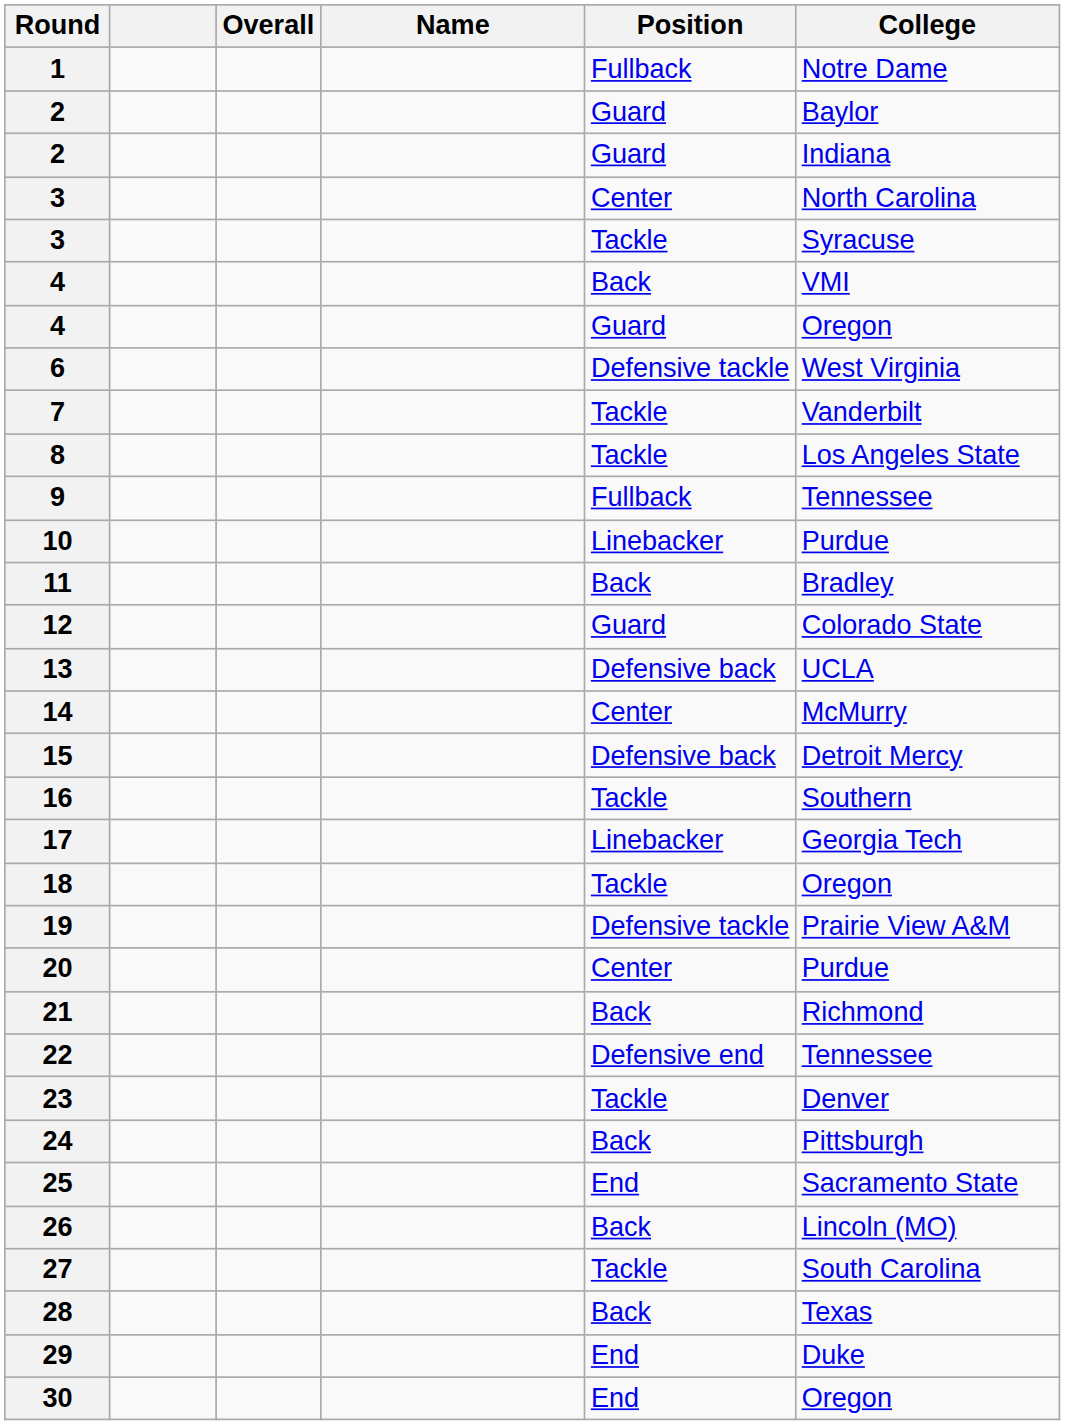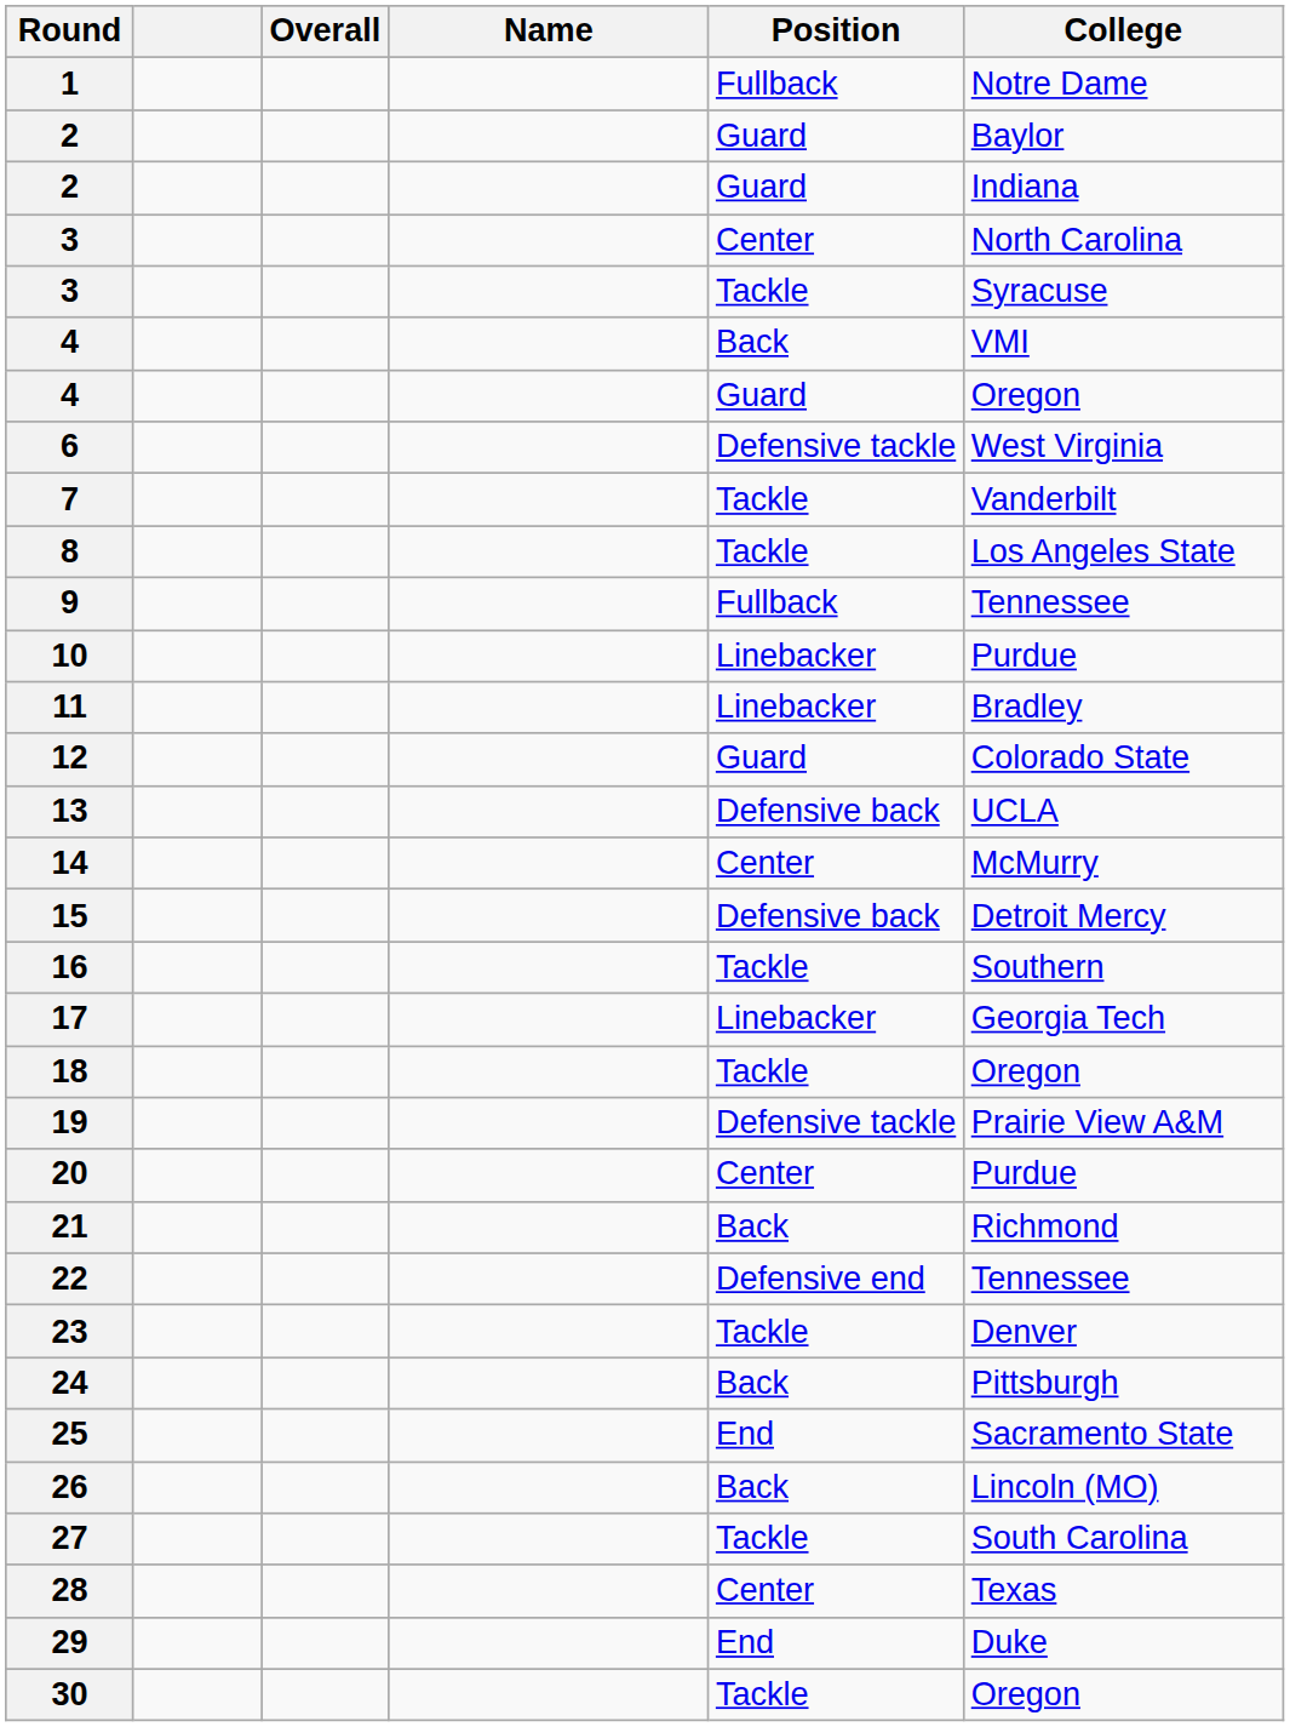 <table class="wikitable sortable">
 <tr>
 <th scope="col" style="width: 10%;">Round</th>
 <th scope="col" style="width: 10%;"></th>
 <th scope="col" style="width: 10%;">Overall</th>
 <th scope="col" style="width: 25%;">Name</th>
 <th scope="col" style="width: 20%;">Position</th>
 <th scope="col" style="width: 25%;">College</th>
 </tr>
 <tr>
 <th scope="row">1</th>
 <td></td>
 <td></td>
 <td></td>
 <td><a href='#'>Fullback</a></td>
 <td><a href='#'>Notre Dame</a></td>
 </tr>
 <tr>
 <th scope="row">2</th>
 <td></td>
 <td></td>
 <td></td>
 <td><a href='#'>Guard</a></td>
 <td><a href='#'>Baylor</a></td>
 </tr>
 <tr>
 <th scope="row">2</th>
 <td></td>
 <td></td>
 <td></td>
 <td><a href='#'>Guard</a></td>
 <td><a href='#'>Indiana</a></td>
 </tr>
 <tr>
 <th scope="row">3</th>
 <td></td>
 <td></td>
 <td></td>
 <td><a href='#'>Center</a></td>
 <td><a href='#'>North Carolina</a></td>
 </tr>
 <tr>
 <th scope="row">3</th>
 <td></td>
 <td></td>
 <td></td>
 <td><a href='#'>Tackle</a></td>
 <td><a href='#'>Syracuse</a></td>
 </tr>
 <tr>
 <th scope="row">4</th>
 <td></td>
 <td></td>
 <td></td>
 <td><a href='#'>Back</a></td>
 <td><a href='#'>VMI</a></td>
 </tr>
 <tr>
 <th scope="row">4</th>
 <td></td>
 <td></td>
 <td></td>
 <td><a href='#'>Guard</a></td>
 <td><a href='#'>Oregon</a></td>
 </tr>
 <tr>
 <th scope="row">6</th>
 <td></td>
 <td></td>
 <td></td>
 <td><a href='#'>Defensive tackle</a></td>
 <td><a href='#'>West Virginia</a></td>
 </tr>
 <tr>
 <th scope="row">7</th>
 <td></td>
 <td></td>
 <td></td>
 <td><a href='#'>Tackle</a></td>
 <td><a href='#'>Vanderbilt</a></td>
 </tr>
 <tr>
 <th scope="row">8</th>
 <td></td>
 <td></td>
 <td></td>
 <td><a href='#'>Tackle</a></td>
 <td><a href='#'>Los Angeles State</a></td>
 </tr>
 <tr>
 <th scope="row">9</th>
 <td></td>
 <td></td>
 <td></td>
 <td><a href='#'>Fullback</a></td>
 <td><a href='#'>Tennessee</a></td>
 </tr>
 <tr>
 <th scope="row">10</th>
 <td></td>
 <td></td>
 <td></td>
 <td><a href='#'>Linebacker</a></td>
 <td><a href='#'>Purdue</a></td>
 </tr>
 <tr>
 <th scope="row">11</th>
 <td></td>
 <td></td>
 <td></td>
-<td><a href='#'>Back</a></td>
+<td><a href='#'>Linebacker</a></td>
 <td><a href='#'>Bradley</a></td>
 </tr>
 <tr>
 <th scope="row">12</th>
 <td></td>
 <td></td>
 <td></td>
 <td><a href='#'>Guard</a></td>
 <td><a href='#'>Colorado State</a></td>
 </tr>
 <tr>
 <th scope="row">13</th>
 <td></td>
 <td></td>
 <td></td>
 <td><a href='#'>Defensive back</a></td>
 <td><a href='#'>UCLA</a></td>
 </tr>
 <tr>
 <th scope="row">14</th>
 <td></td>
 <td></td>
 <td></td>
 <td><a href='#'>Center</a></td>
 <td><a href='#'>McMurry</a></td>
 </tr>
 <tr>
 <th scope="row">15</th>
 <td></td>
 <td></td>
 <td></td>
 <td><a href='#'>Defensive back</a></td>
 <td><a href='#'>Detroit Mercy</a></td>
 </tr>
 <tr>
 <th scope="row">16</th>
 <td></td>
 <td></td>
 <td></td>
 <td><a href='#'>Tackle</a></td>
 <td><a href='#'>Southern</a></td>
 </tr>
 <tr>
 <th scope="row">17</th>
 <td></td>
 <td></td>
 <td></td>
 <td><a href='#'>Linebacker</a></td>
 <td><a href='#'>Georgia Tech</a></td>
 </tr>
 <tr>
 <th scope="row">18</th>
 <td></td>
 <td></td>
 <td></td>
 <td><a href='#'>Tackle</a></td>
 <td><a href='#'>Oregon</a></td>
 </tr>
 <tr>
 <th scope="row">19</th>
 <td></td>
 <td></td>
 <td></td>
 <td><a href='#'>Defensive tackle</a></td>
 <td><a href='#'>Prairie View A&M</a></td>
 </tr>
 <tr>
 <th scope="row">20</th>
 <td></td>
 <td></td>
 <td></td>
 <td><a href='#'>Center</a></td>
 <td><a href='#'>Purdue</a></td>
 </tr>
 <tr>
 <th scope="row">21</th>
 <td></td>
 <td></td>
 <td></td>
 <td><a href='#'>Back</a></td>
 <td><a href='#'>Richmond</a></td>
 </tr>
 <tr>
 <th scope="row">22</th>
 <td></td>
 <td></td>
 <td></td>
 <td><a href='#'>Defensive end</a></td>
 <td><a href='#'>Tennessee</a></td>
 </tr>
 <tr>
 <th scope="row">23</th>
 <td></td>
 <td></td>
 <td></td>
 <td><a href='#'>Tackle</a></td>
 <td><a href='#'>Denver</a></td>
 </tr>
 <tr>
 <th scope="row">24</th>
 <td></td>
 <td></td>
 <td></td>
 <td><a href='#'>Back</a></td>
 <td><a href='#'>Pittsburgh</a></td>
 </tr>
 <tr>
 <th scope="row">25</th>
 <td></td>
 <td></td>
 <td></td>
 <td><a href='#'>End</a></td>
 <td><a href='#'>Sacramento State</a></td>
 </tr>
 <tr>
 <th scope="row">26</th>
 <td></td>
 <td></td>
 <td></td>
 <td><a href='#'>Back</a></td>
 <td><a href='#'>Lincoln (MO)</a></td>
 </tr>
 <tr>
 <th scope="row">27</th>
 <td></td>
 <td></td>
 <td></td>
 <td><a href='#'>Tackle</a></td>
 <td><a href='#'>South Carolina</a></td>
 </tr>
 <tr>
 <th scope="row">28</th>
 <td></td>
 <td></td>
 <td></td>
-<td><a href='#'>Back</a></td>
+<td><a href='#'>Center</a></td>
 <td><a href='#'>Texas</a></td>
 </tr>
 <tr>
 <th scope="row">29</th>
 <td></td>
 <td></td>
 <td></td>
 <td><a href='#'>End</a></td>
 <td><a href='#'>Duke</a></td>
 </tr>
 <tr>
 <th scope="row">30</th>
 <td></td>
 <td></td>
 <td></td>
-<td><a href='#'>End</a></td>
+<td><a href='#'>Tackle</a></td>
 <td><a href='#'>Oregon</a></td>
 </tr>
 </table>
